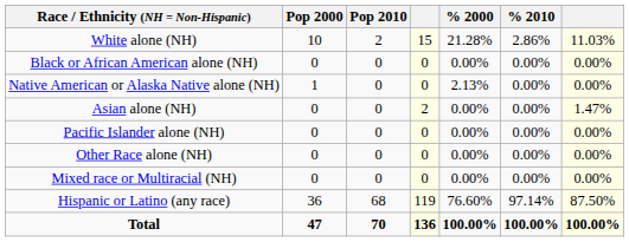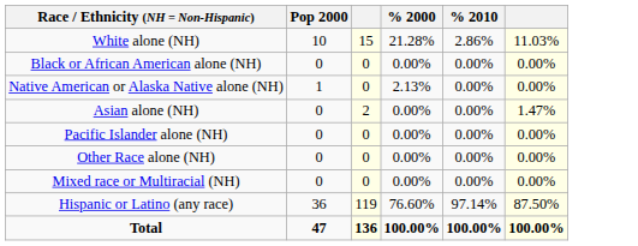 <table class="wikitable" style="text-align:center;">
 <tr>
 <th>Race / Ethnicity <small>(<em>NH = Non-Hispanic</em>)</small></th>
 <th>Pop 2000</th>
-<th>Pop 2010</th>
 <th></th>
 <th>% 2000</th>
 <th>% 2010</th>
 <th></th>
 </tr>
 <tr>
 <td><a href='#'>White</a> alone (NH)</td>
 <td>10</td>
-<td>2</td>
 <td style='background: #ffffe6;'>15</td>
 <td>21.28%</td>
 <td>2.86%</td>
 <td style='background: #ffffe6;'>11.03%</td>
 </tr>
 <tr>
 <td><a href='#'>Black or African American</a> alone (NH)</td>
-<td>0</td>
 <td>0</td>
 <td style='background: #ffffe6;'>0</td>
 <td>0.00%</td>
 <td>0.00%</td>
 <td style='background: #ffffe6;'>0.00%</td>
 </tr>
 <tr>
 <td><a href='#'>Native American</a> or <a href='#'>Alaska Native</a> alone (NH)</td>
 <td>1</td>
-<td>0</td>
 <td style='background: #ffffe6;'>0</td>
 <td>2.13%</td>
 <td>0.00%</td>
 <td style='background: #ffffe6;'>0.00%</td>
 </tr>
 <tr>
 <td><a href='#'>Asian</a> alone (NH)</td>
-<td>0</td>
 <td>0</td>
 <td style='background: #ffffe6;'>2</td>
 <td>0.00%</td>
 <td>0.00%</td>
 <td style='background: #ffffe6;'>1.47%</td>
 </tr>
 <tr>
 <td><a href='#'>Pacific Islander</a> alone (NH)</td>
 <td>0</td>
-<td>0</td>
 <td style='background: #ffffe6;'>0</td>
 <td>0.00%</td>
 <td>0.00%</td>
 <td style='background: #ffffe6;'>0.00%</td>
 </tr>
 <tr>
 <td><a href='#'>Other Race</a> alone (NH)</td>
-<td>0</td>
 <td>0</td>
 <td style='background: #ffffe6;'>0</td>
 <td>0.00%</td>
 <td>0.00%</td>
 <td style='background: #ffffe6;'>0.00%</td>
 </tr>
 <tr>
 <td><a href='#'>Mixed race or Multiracial</a> (NH)</td>
 <td>0</td>
-<td>0</td>
 <td style='background: #ffffe6;'>0</td>
 <td>0.00%</td>
 <td>0.00%</td>
 <td style='background: #ffffe6;'>0.00%</td>
 </tr>
 <tr>
 <td><a href='#'>Hispanic or Latino</a> (any race)</td>
 <td>36</td>
-<td>68</td>
 <td style='background: #ffffe6;'>119</td>
 <td>76.60%</td>
 <td>97.14%</td>
 <td style='background: #ffffe6;'>87.50%</td>
 </tr>
 <tr>
 <td><strong>Total</strong></td>
 <td><strong>47</strong></td>
-<td><strong>70</strong></td>
 <td style='background: #ffffe6;'><strong>136</strong></td>
 <td><strong>100.00%</strong></td>
 <td><strong>100.00%</strong></td>
 <td style='background: #ffffe6;'><strong>100.00%</strong></td>
 </tr>
 </table>
